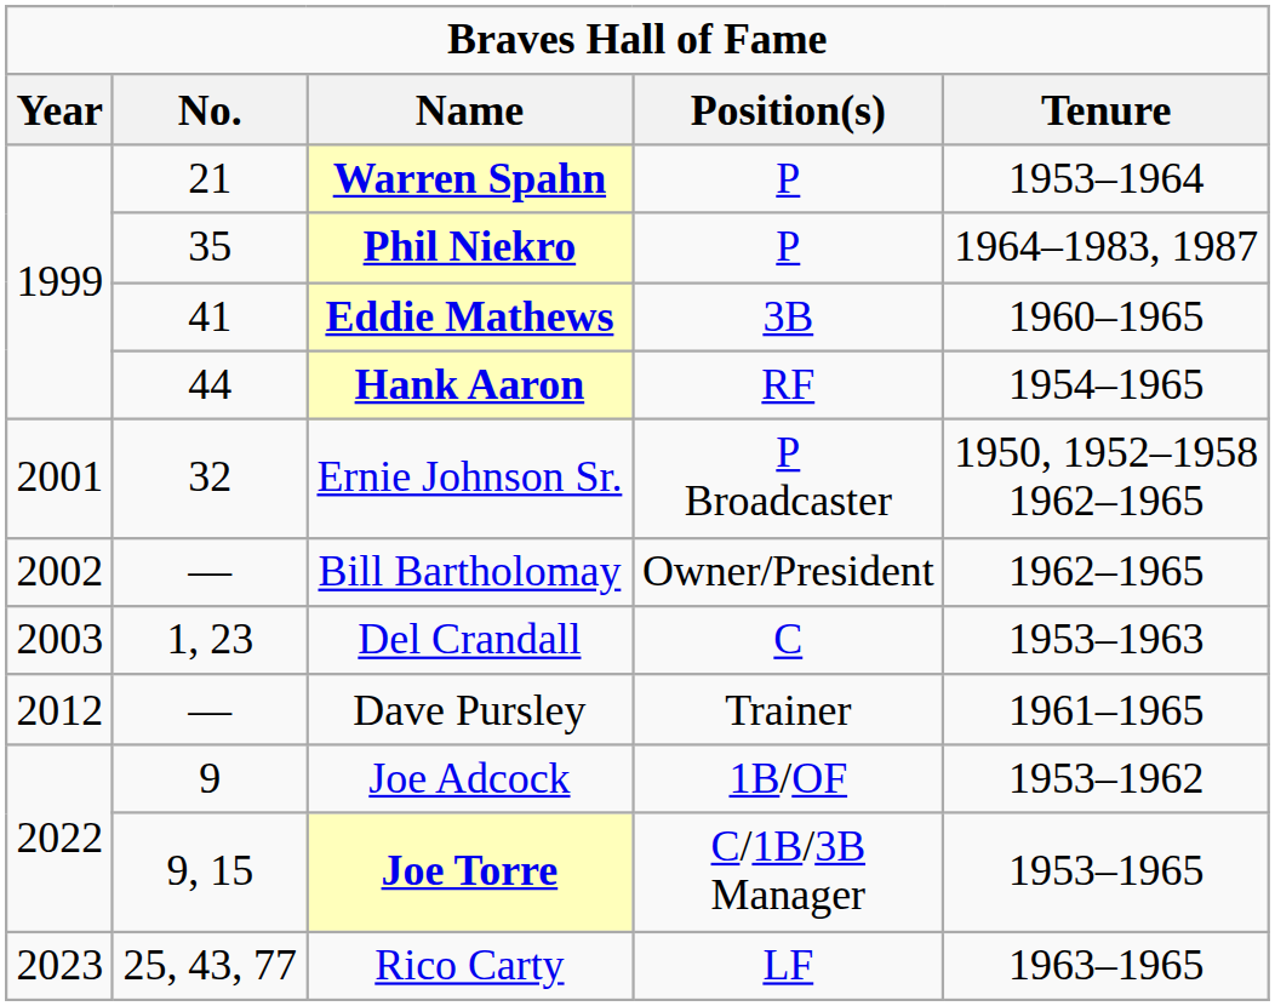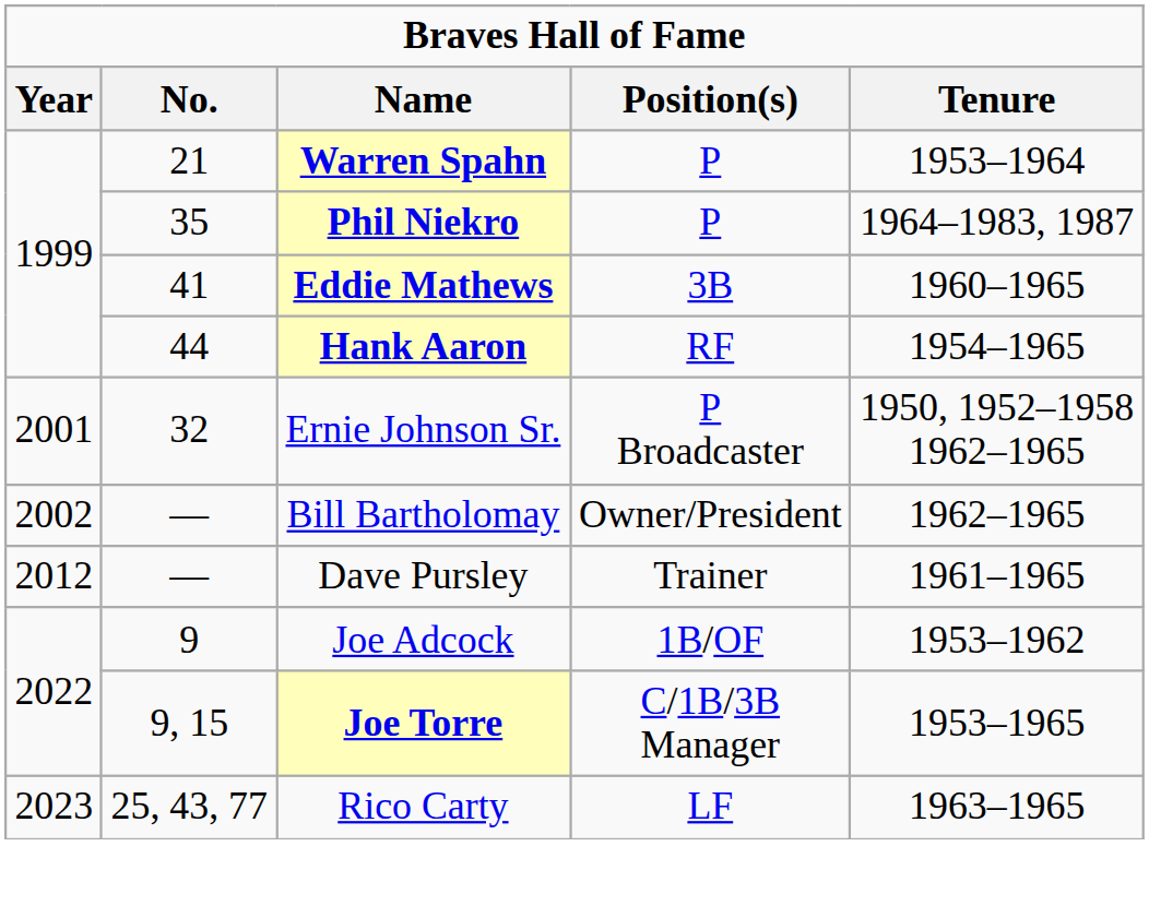 <table class="wikitable" style="text-align:center">
 <tr>
 <td colspan="5"><strong>Braves Hall of Fame</strong></td>
 </tr>
 <tr>
 <th scope="col">Year</th>
 <th scope="col">No.</th>
 <th scope="col">Name</th>
 <th scope="col">Position(s)</th>
 <th scope="col">Tenure</th>
 </tr>
 <tr>
 <td rowspan=4>1999</td>
 <td>21</td>
 <td style="background:#ffb;"><strong><a href='#'>Warren Spahn</a></strong></td>
 <td><a href='#'>P</a></td>
 <td>1953–1964</td>
 </tr>
 <tr>
 <td>35</td>
 <td style="background:#ffb;"><strong><a href='#'>Phil Niekro</a></strong></td>
 <td><a href='#'>P</a></td>
 <td>1964–1983, 1987</td>
 </tr>
 <tr>
 <td>41</td>
 <td style="background:#ffb;"><strong><a href='#'>Eddie Mathews</a></strong></td>
 <td><a href='#'>3B</a></td>
 <td>1960–1965</td>
 </tr>
 <tr>
 <td>44</td>
 <td style="background:#ffb;"><strong><a href='#'>Hank Aaron</a></strong></td>
 <td><a href='#'>RF</a></td>
 <td>1954–1965</td>
 </tr>
 <tr>
 <td>2001</td>
 <td>32</td>
 <td><a href='#'>Ernie Johnson Sr.</a></td>
 <td><a href='#'>P</a><br>Broadcaster</td>
 <td>1950, 1952–1958<br>1962–1965</td>
 </tr>
 <tr>
 <td>2002</td>
 <td>—</td>
 <td><a href='#'>Bill Bartholomay</a></td>
 <td>Owner/President</td>
 <td>1962–1965</td>
 </tr>
 <tr>
-<td>2003</td>
-<td>1, 23</td>
-<td><a href='#'>Del Crandall</a></td>
-<td><a href='#'>C</a></td>
-<td>1953–1963</td>
-</tr>
-<tr>
 <td>2012</td>
 <td>—</td>
 <td>Dave Pursley</td>
 <td>Trainer</td>
 <td>1961–1965</td>
 </tr>
 <tr>
 <td rowspan="2">2022</td>
 <td>9</td>
 <td><a href='#'>Joe Adcock</a></td>
 <td><a href='#'>1B</a>/<a href='#'>OF</a></td>
 <td>1953–1962</td>
 </tr>
 <tr>
 <td>9, 15</td>
 <td style="background:#ffb;"><strong><a href='#'>Joe Torre</a></strong></td>
 <td><a href='#'>C</a>/<a href='#'>1B</a>/<a href='#'>3B</a><br>Manager</td>
 <td>1953–1965</td>
 </tr>
 <tr>
 <td>2023</td>
 <td>25, 43, 77</td>
 <td><a href='#'>Rico Carty</a></td>
 <td><a href='#'>LF</a></td>
 <td>1963–1965</td>
 </tr>
 </table>
